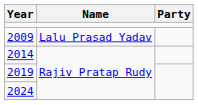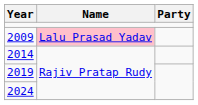 <table class="wikitable">
 <tr>
 <th>Year</th>
 <th>Name</th>
 <th colspan="2">Party</th>
 </tr>
 <tr>
 <td colspan="4"></td>
 </tr>
 <tr>
 <td><a href='#'>2009</a></td>
-<td><a href='#'>Lalu Prasad Yadav</a></td>
+<td style="background: pink;"><a href='#'>Lalu Prasad Yadav</a></td>
 <td></td>
 </tr>
 <tr>
 <td><a href='#'>2014</a></td>
 <td rowspan="3"><a href='#'>Rajiv Pratap Rudy</a></td>
 <td></td>
 </tr>
 <tr>
 <td><a href='#'>2019</a></td>
 </tr>
 <tr>
 <td><a href='#'>2024</a></td>
 </tr>
 </table>
